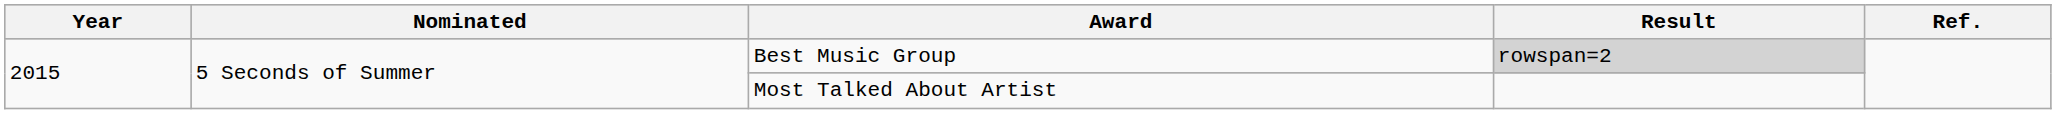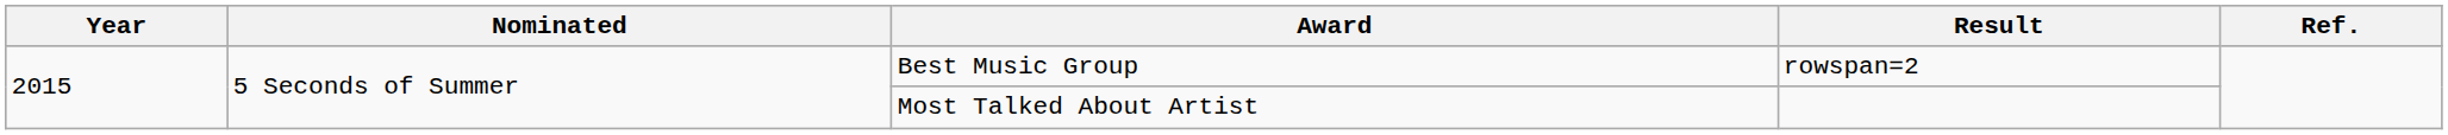 <table class="wikitable" style="width:100%;">
 <tr>
 <th width=5%>Year</th>
 <th style="width:15%;">Nominated</th>
 <th style="width:20%;">Award</th>
 <th style="width:10%;">Result</th>
 <th style="width:5%;">Ref.</th>
 </tr>
 <tr>
 <td rowspan=2>2015</td>
 <td rowspan=2>5 Seconds of Summer</td>
 <td>Best Music Group</td>
-<td style="background: lightgrey;">rowspan=2 </td>
+<td>rowspan=2 </td>
 <td rowspan=2></td>
 </tr>
 <tr>
 <td>Most Talked About Artist</td>
 </tr>
 </table>
